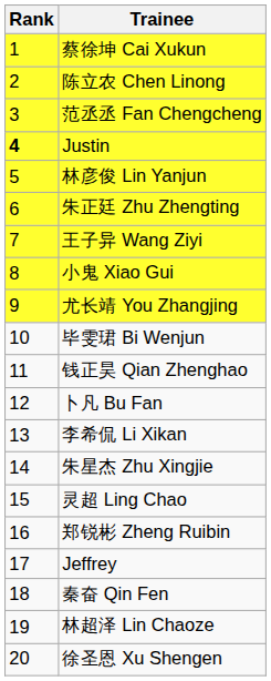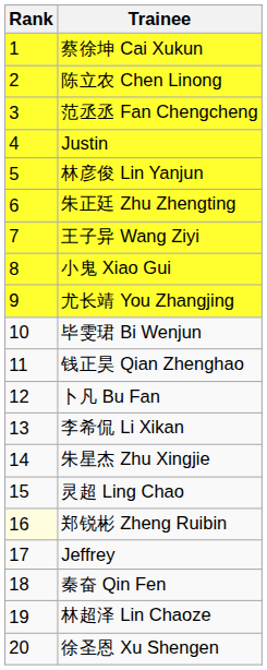 <table class="wikitable mw-collapsible">
 <tr>
 <th>Rank</th>
 <th>Trainee</th>
 </tr>
 <tr>
 <td style=background:#FFFF2F;>1</td>
 <td style=background:#FFFF2F;>蔡徐坤 Cai Xukun</td>
 </tr>
 <tr>
 <td style=background:#FFFF2F;>2</td>
 <td style=background:#FFFF2F;>陈立农 Chen Linong</td>
 </tr>
 <tr>
 <td style=background:#FFFF2F;>3</td>
 <td style=background:#FFFF2F;>范丞丞 Fan Chengcheng</td>
 </tr>
 <tr>
-<td style=background:#FFFF2F;><strong>4</strong></td>
+<td style=background:#FFFF2F;>4</td>
 <td style=background:#FFFF2F;>Justin</td>
 </tr>
 <tr>
 <td style=background:#FFFF2F;>5</td>
 <td style=background:#FFFF2F;>林彦俊 Lin Yanjun</td>
 </tr>
 <tr>
 <td style=background:#FFFF2F;>6</td>
 <td style=background:#FFFF2F;>朱正廷 Zhu Zhengting</td>
 </tr>
 <tr>
 <td style=background:#FFFF2F;>7</td>
 <td style=background:#FFFF2F;>王子异 Wang Ziyi</td>
 </tr>
 <tr>
 <td style=background:#FFFF2F;>8</td>
 <td style=background:#FFFF2F;>小鬼 Xiao Gui</td>
 </tr>
 <tr>
 <td style=background:#FFFF2F;>9</td>
 <td style=background:#FFFF2F;>尤长靖 You Zhangjing</td>
 </tr>
 <tr>
 <td>10</td>
 <td>毕雯珺 Bi Wenjun</td>
 </tr>
 <tr>
 <td>11</td>
 <td>钱正昊 Qian Zhenghao</td>
 </tr>
 <tr>
 <td>12</td>
 <td>卜凡 Bu Fan</td>
 </tr>
 <tr>
 <td>13</td>
 <td>李希侃 Li Xikan</td>
 </tr>
 <tr>
 <td>14</td>
 <td>朱星杰 Zhu Xingjie</td>
 </tr>
 <tr>
 <td>15</td>
 <td>灵超 Ling Chao</td>
 </tr>
 <tr>
-<td>16</td>
+<td style="background: lightyellow;">16</td>
 <td>郑锐彬 Zheng Ruibin</td>
 </tr>
 <tr>
 <td>17</td>
 <td>Jeffrey</td>
 </tr>
 <tr>
 <td>18</td>
 <td>秦奋 Qin Fen</td>
 </tr>
 <tr>
 <td>19</td>
 <td>林超泽 Lin Chaoze</td>
 </tr>
 <tr>
 <td>20</td>
 <td>徐圣恩 Xu Shengen</td>
 </tr>
 </table>
